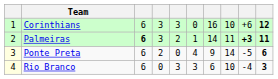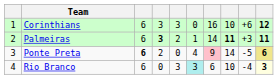 <table class="wikitable" style="text-align: center;">
 <tr>
 <th width=20></th>
 <th width=165>Team</th>
 <th width=20></th>
 <th width=20></th>
 <th width=20></th>
 <th width=20></th>
 <th width=20></th>
 <th width=20></th>
 <th width=20></th>
 <th width=20></th>
 </tr>
 <tr bgcolor="#ccffcc">
 <td>1</td>
 <td align=left><a href='#'>Corinthians</a></td>
 <td>6</td>
 <td>3</td>
 <td>3</td>
 <td>0</td>
 <td>16</td>
 <td>10</td>
 <td>+6</td>
 <td><strong>12</strong></td>
 </tr>
 <tr bgcolor="#ccffcc">
 <td>2</td>
 <td align=left><a href='#'>Palmeiras</a></td>
-<td><strong>6</strong></td>
-<td>3</td>
+<td>6</td>
+<td><strong>3</strong></td>
 <td>2</td>
 <td>1</td>
 <td>14</td>
-<td>11</td>
-<td><strong>+3</strong></td>
+<td><strong>11</strong></td>
+<td>+3</td>
 <td><strong>11</strong></td>
 </tr>
 <tr>
-<td style="background: lightyellow;">3</td>
+<td>3</td>
 <td align=left><a href='#'>Ponte Preta</a></td>
-<td>6</td>
+<td><strong>6</strong></td>
 <td>2</td>
 <td>0</td>
 <td>4</td>
-<td>9</td>
+<td style="background: pink;">9</td>
 <td>14</td>
 <td>-5</td>
-<td><strong>6</strong></td>
+<td style="background: khaki;"><strong>6</strong></td>
 </tr>
 <tr>
-<td style="background: lightyellow;">4</td>
+<td>4</td>
 <td align=left><a href='#'>Rio Branco</a></td>
 <td>6</td>
 <td>0</td>
 <td>3</td>
-<td>3</td>
+<td style="background: paleturquoise;">3</td>
 <td>6</td>
 <td>10</td>
 <td>-4</td>
-<td><strong>3</strong></td>
+<td style="background: lightyellow;"><strong>3</strong></td>
 </tr>
 </table>
